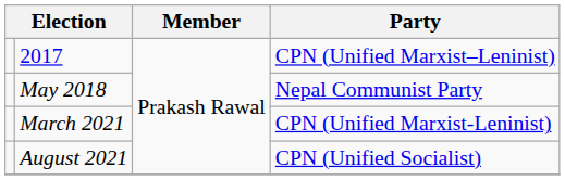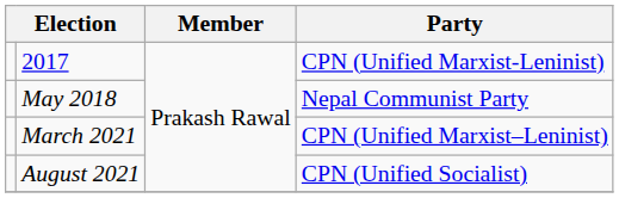 <table class="wikitable">
 <tr>
 <th colspan="2">Election</th>
 <th>Member</th>
 <th>Party</th>
 </tr>
 <tr>
 <td style="background-color:"></td>
 <td><a href='#'>2017</a></td>
 <td rowspan="4">Prakash Rawal</td>
-<td><a href='#'>CPN (Unified Marxist–Leninist)</a></td>
+<td><a href='#'>CPN (Unified Marxist-Leninist)</a></td>
 </tr>
 <tr>
 <td style="background-color:"></td>
 <td><em>May 2018</em></td>
 <td><a href='#'>Nepal Communist Party</a></td>
 </tr>
 <tr>
 <td style="background-color:"></td>
 <td><em>March 2021</em></td>
-<td><a href='#'>CPN (Unified Marxist-Leninist)</a></td>
+<td><a href='#'>CPN (Unified Marxist–Leninist)</a></td>
 </tr>
 <tr>
 <td style="background-color:"></td>
 <td><em>August 2021</em></td>
 <td><a href='#'>CPN (Unified Socialist)</a></td>
 </tr>
 <tr>
 </tr>
 </table>
